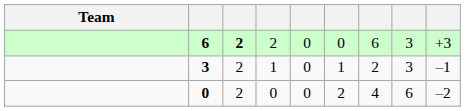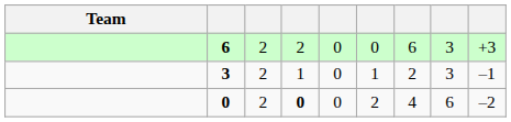 <table class="wikitable" style="text-align: center; font-size: 90%;">
 <tr>
 <th width="165">Team</th>
 <th width="25"></th>
 <th width="25"></th>
 <th width="25"></th>
 <th width="25"></th>
 <th width="25"></th>
 <th width="25"></th>
 <th width="25"></th>
 <th width="25"></th>
 </tr>
 <tr bgcolor=#ccffcc>
 <td align=left></td>
 <td><strong>6</strong></td>
-<td><strong>2</strong></td>
+<td>2</td>
 <td>2</td>
 <td>0</td>
 <td>0</td>
 <td>6</td>
 <td>3</td>
 <td>+3</td>
 </tr>
 <tr>
 <td align=left></td>
 <td><strong>3</strong></td>
 <td>2</td>
 <td>1</td>
 <td>0</td>
 <td>1</td>
 <td>2</td>
 <td>3</td>
 <td>–1</td>
 </tr>
 <tr>
 <td align=left></td>
 <td><strong>0</strong></td>
 <td>2</td>
-<td>0</td>
+<td><strong>0</strong></td>
 <td>0</td>
 <td>2</td>
 <td>4</td>
 <td>6</td>
 <td>–2</td>
 </tr>
 </table>
